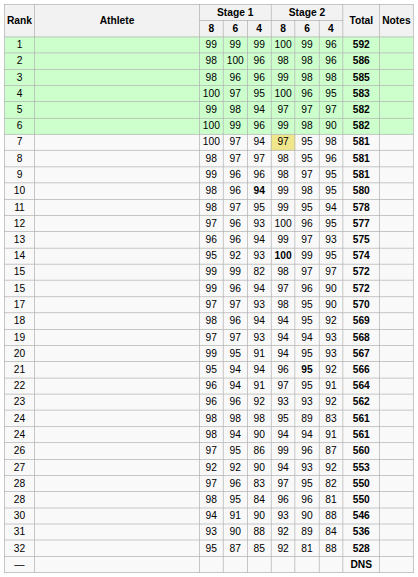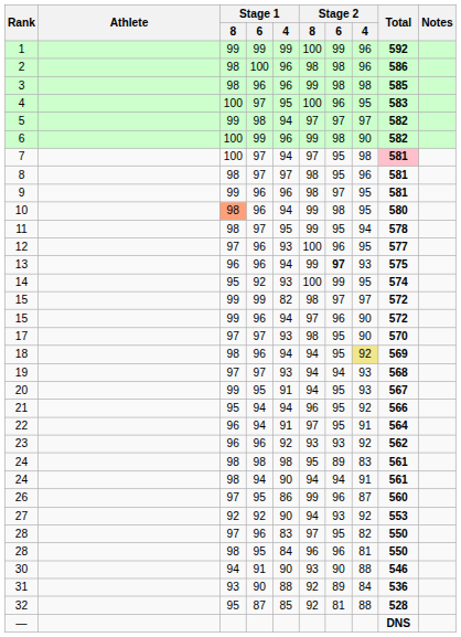 <table class="wikitable" style="text-align:center">
 <tr>
 <th rowspan=2 width=40>Rank</th>
 <th rowspan=2 width=250>Athlete</th>
 <th colspan=3>Stage 1</th>
 <th colspan=3>Stage 2</th>
 <th rowspan=2 width=50>Total</th>
 <th rowspan=2 width=45>Notes</th>
 </tr>
 <tr>
 <th width=30>8</th>
 <th width=30>6</th>
 <th width=30>4</th>
 <th width=30>8</th>
 <th width=30>6</th>
 <th width=30>4</th>
 </tr>
 <tr bgcolor=ccffcc>
 <td>1</td>
 <td align=left></td>
 <td>99</td>
 <td>99</td>
 <td>99</td>
 <td>100</td>
 <td>99</td>
 <td>96</td>
 <td><strong>592</strong></td>
 <td></td>
 </tr>
 <tr bgcolor=ccffcc>
 <td>2</td>
 <td align=left></td>
 <td>98</td>
 <td>100</td>
 <td>96</td>
 <td>98</td>
 <td>98</td>
 <td>96</td>
 <td><strong>586</strong></td>
 <td></td>
 </tr>
 <tr bgcolor=ccffcc>
 <td>3</td>
 <td align=left></td>
 <td>98</td>
 <td>96</td>
 <td>96</td>
 <td>99</td>
 <td>98</td>
 <td>98</td>
 <td><strong>585</strong></td>
 <td></td>
 </tr>
 <tr bgcolor=ccffcc>
 <td>4</td>
 <td align=left></td>
 <td>100</td>
 <td>97</td>
 <td>95</td>
 <td>100</td>
 <td>96</td>
 <td>95</td>
 <td><strong>583</strong></td>
 <td></td>
 </tr>
 <tr bgcolor=ccffcc>
 <td>5</td>
 <td align=left></td>
 <td>99</td>
 <td>98</td>
 <td>94</td>
 <td>97</td>
 <td>97</td>
 <td>97</td>
 <td><strong>582</strong></td>
 <td></td>
 </tr>
 <tr bgcolor=ccffcc>
 <td>6</td>
 <td align=left></td>
 <td>100</td>
 <td>99</td>
 <td>96</td>
 <td>99</td>
 <td>98</td>
 <td>90</td>
 <td><strong>582</strong></td>
 <td></td>
 </tr>
 <tr>
 <td>7</td>
 <td align=left></td>
 <td>100</td>
 <td>97</td>
 <td>94</td>
-<td style="background: khaki;">97</td>
+<td>97</td>
 <td>95</td>
 <td>98</td>
-<td><strong>581</strong></td>
+<td style="background: pink;"><strong>581</strong></td>
 <td></td>
 </tr>
 <tr>
 <td>8</td>
 <td align=left></td>
 <td>98</td>
 <td>97</td>
 <td>97</td>
 <td>98</td>
 <td>95</td>
 <td>96</td>
 <td><strong>581</strong></td>
 <td></td>
 </tr>
 <tr>
 <td>9</td>
 <td align=left></td>
 <td>99</td>
 <td>96</td>
 <td>96</td>
 <td>98</td>
 <td>97</td>
 <td>95</td>
 <td><strong>581</strong></td>
 <td></td>
 </tr>
 <tr>
 <td>10</td>
 <td align=left></td>
-<td>98</td>
+<td style="background: lightsalmon;">98</td>
 <td>96</td>
-<td><strong>94</strong></td>
+<td>94</td>
 <td>99</td>
 <td>98</td>
 <td>95</td>
 <td><strong>580</strong></td>
 <td></td>
 </tr>
 <tr>
 <td>11</td>
 <td align=left></td>
 <td>98</td>
 <td>97</td>
 <td>95</td>
 <td>99</td>
 <td>95</td>
 <td>94</td>
 <td><strong>578</strong></td>
 <td></td>
 </tr>
 <tr>
 <td>12</td>
 <td align=left></td>
 <td>97</td>
 <td>96</td>
 <td>93</td>
 <td>100</td>
 <td>96</td>
 <td>95</td>
 <td><strong>577</strong></td>
 <td></td>
 </tr>
 <tr>
 <td>13</td>
 <td align=left></td>
 <td>96</td>
 <td>96</td>
 <td>94</td>
 <td>99</td>
-<td>97</td>
+<td><strong>97</strong></td>
 <td>93</td>
 <td><strong>575</strong></td>
 <td></td>
 </tr>
 <tr>
 <td>14</td>
 <td align=left></td>
 <td>95</td>
 <td>92</td>
 <td>93</td>
-<td><strong>100</strong></td>
+<td>100</td>
 <td>99</td>
 <td>95</td>
 <td><strong>574</strong></td>
 <td></td>
 </tr>
 <tr>
 <td>15</td>
 <td align=left></td>
 <td>99</td>
 <td>99</td>
 <td>82</td>
 <td>98</td>
 <td>97</td>
 <td>97</td>
 <td><strong>572</strong></td>
 <td></td>
 </tr>
 <tr>
 <td>15</td>
 <td align=left></td>
 <td>99</td>
 <td>96</td>
 <td>94</td>
 <td>97</td>
 <td>96</td>
 <td>90</td>
 <td><strong>572</strong></td>
 <td></td>
 </tr>
 <tr>
 <td>17</td>
 <td align=left></td>
 <td>97</td>
 <td>97</td>
 <td>93</td>
 <td>98</td>
 <td>95</td>
 <td>90</td>
 <td><strong>570</strong></td>
 <td></td>
 </tr>
 <tr>
 <td>18</td>
 <td align=left></td>
 <td>98</td>
 <td>96</td>
 <td>94</td>
 <td>94</td>
 <td>95</td>
-<td>92</td>
+<td style="background: khaki;">92</td>
 <td><strong>569</strong></td>
 <td></td>
 </tr>
 <tr>
 <td>19</td>
 <td align=left></td>
 <td>97</td>
 <td>97</td>
 <td>93</td>
 <td>94</td>
 <td>94</td>
 <td>93</td>
 <td><strong>568</strong></td>
 <td></td>
 </tr>
 <tr>
 <td>20</td>
 <td align=left></td>
 <td>99</td>
 <td>95</td>
 <td>91</td>
 <td>94</td>
 <td>95</td>
 <td>93</td>
 <td><strong>567</strong></td>
 <td></td>
 </tr>
 <tr>
 <td>21</td>
 <td align=left></td>
 <td>95</td>
 <td>94</td>
 <td>94</td>
 <td>96</td>
-<td><strong>95</strong></td>
+<td>95</td>
 <td>92</td>
 <td><strong>566</strong></td>
 <td></td>
 </tr>
 <tr>
 <td>22</td>
 <td align=left></td>
 <td>96</td>
 <td>94</td>
 <td>91</td>
 <td>97</td>
 <td>95</td>
 <td>91</td>
 <td><strong>564</strong></td>
 <td></td>
 </tr>
 <tr>
 <td>23</td>
 <td align=left></td>
 <td>96</td>
 <td>96</td>
 <td>92</td>
 <td>93</td>
 <td>93</td>
 <td>92</td>
 <td><strong>562</strong></td>
 <td></td>
 </tr>
 <tr>
 <td>24</td>
 <td align=left></td>
 <td>98</td>
 <td>98</td>
 <td>98</td>
 <td>95</td>
 <td>89</td>
 <td>83</td>
 <td><strong>561</strong></td>
 <td></td>
 </tr>
 <tr>
 <td>24</td>
 <td align=left></td>
 <td>98</td>
 <td>94</td>
 <td>90</td>
 <td>94</td>
 <td>94</td>
 <td>91</td>
 <td><strong>561</strong></td>
 <td></td>
 </tr>
 <tr>
 <td>26</td>
 <td align=left></td>
 <td>97</td>
 <td>95</td>
 <td>86</td>
 <td>99</td>
 <td>96</td>
 <td>87</td>
 <td><strong>560</strong></td>
 <td></td>
 </tr>
 <tr>
 <td>27</td>
 <td align=left></td>
 <td>92</td>
 <td>92</td>
 <td>90</td>
 <td>94</td>
 <td>93</td>
 <td>92</td>
 <td><strong>553</strong></td>
 <td></td>
 </tr>
 <tr>
 <td>28</td>
 <td align=left></td>
 <td>97</td>
 <td>96</td>
 <td>83</td>
 <td>97</td>
 <td>95</td>
 <td>82</td>
 <td><strong>550</strong></td>
 <td></td>
 </tr>
 <tr>
 <td>28</td>
 <td align=left></td>
 <td>98</td>
 <td>95</td>
 <td>84</td>
 <td>96</td>
 <td>96</td>
 <td>81</td>
 <td><strong>550</strong></td>
 <td></td>
 </tr>
 <tr>
 <td>30</td>
 <td align=left></td>
 <td>94</td>
 <td>91</td>
 <td>90</td>
 <td>93</td>
 <td>90</td>
 <td>88</td>
 <td><strong>546</strong></td>
 <td></td>
 </tr>
 <tr>
 <td>31</td>
 <td align=left></td>
 <td>93</td>
 <td>90</td>
 <td>88</td>
 <td>92</td>
 <td>89</td>
 <td>84</td>
 <td><strong>536</strong></td>
 <td></td>
 </tr>
 <tr>
 <td>32</td>
 <td align=left></td>
 <td>95</td>
 <td>87</td>
 <td>85</td>
 <td>92</td>
 <td>81</td>
 <td>88</td>
 <td><strong>528</strong></td>
 <td></td>
 </tr>
 <tr>
 <td>—</td>
 <td align=left></td>
 <td></td>
 <td></td>
 <td></td>
 <td></td>
 <td></td>
 <td></td>
 <td><strong>DNS</strong></td>
 <td></td>
 </tr>
 </table>
